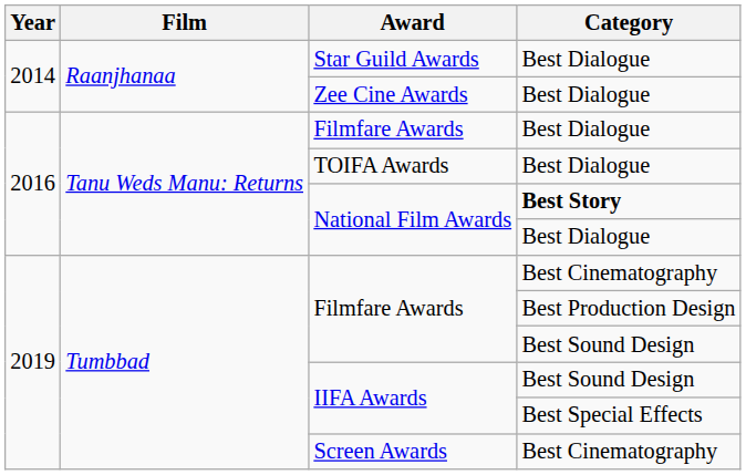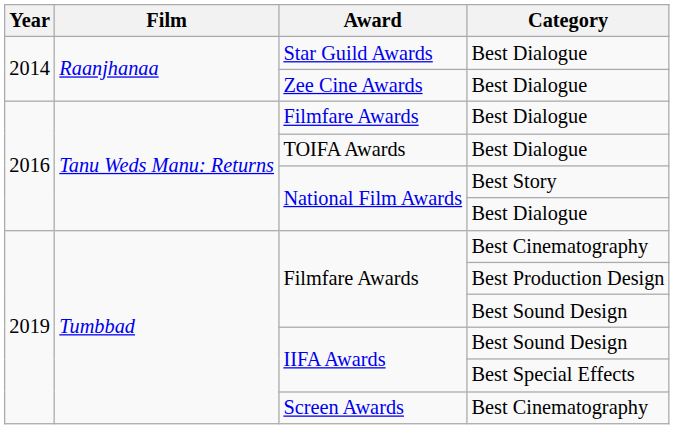 <table class="wikitable">
 <tr>
 <th>Year</th>
 <th>Film</th>
 <th>Award</th>
 <th>Category</th>
 </tr>
 <tr>
 <td rowspan="2">2014</td>
 <td rowspan="2"><em><a href='#'>Raanjhanaa</a></em></td>
 <td><a href='#'>Star Guild Awards</a></td>
 <td>Best Dialogue</td>
 </tr>
 <tr>
 <td><a href='#'>Zee Cine Awards</a></td>
 <td>Best Dialogue</td>
 </tr>
 <tr>
 <td rowspan="4">2016</td>
 <td rowspan="4"><em><a href='#'>Tanu Weds Manu: Returns</a></em></td>
 <td><a href='#'>Filmfare Awards</a></td>
 <td>Best Dialogue</td>
 </tr>
 <tr>
 <td>TOIFA Awards</td>
 <td>Best Dialogue</td>
 </tr>
 <tr>
 <td rowspan="2"><a href='#'>National Film Awards</a></td>
-<td><strong>Best Story</strong></td>
+<td>Best Story</td>
 </tr>
 <tr>
 <td>Best Dialogue</td>
 </tr>
 <tr>
 <td rowspan="6">2019</td>
 <td rowspan="6"><em><a href='#'>Tumbbad</a></em></td>
 <td rowspan="3">Filmfare Awards</td>
 <td>Best Cinematography</td>
 </tr>
 <tr>
 <td>Best Production Design</td>
 </tr>
 <tr>
 <td>Best Sound Design</td>
 </tr>
 <tr>
 <td rowspan="2"><a href='#'>IIFA Awards</a></td>
 <td>Best Sound Design</td>
 </tr>
 <tr>
 <td>Best Special Effects</td>
 </tr>
 <tr>
 <td><a href='#'>Screen Awards</a></td>
 <td>Best Cinematography</td>
 </tr>
 </table>
